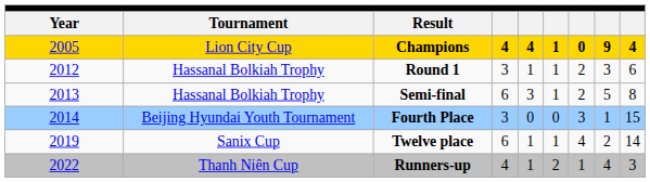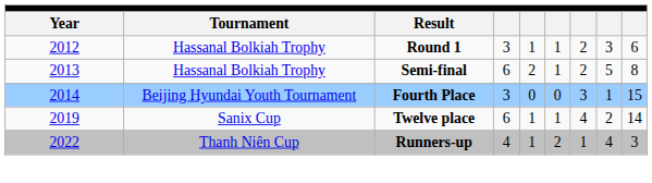 <table class="wikitable" style="text-align: center;">
 <tr>
 <th colspan=9 style="background: #000000; color: #FFFFFF;"></th>
 </tr>
 <tr>
 <th width=120>Year</th>
 <th width="260">Tournament</th>
 <th width=120>Result</th>
 <th width=20></th>
 <th width=20></th>
 <th width=20></th>
 <th width=20></th>
 <th width=20></th>
 <th width=20></th>
-</tr>
-<tr bgcolor=Gold>
-<td> <a href='#'>2005</a></td>
-<td><a href='#'>Lion City Cup</a></td>
-<td><strong>Champions</strong></td>
-<td><strong>4</strong></td>
-<td><strong>4</strong></td>
-<td><strong>1</strong></td>
-<td><strong>0</strong></td>
-<td><strong>9</strong></td>
-<td><strong>4</strong></td>
 </tr>
 <tr>
 <td> <a href='#'>2012</a></td>
 <td><a href='#'>Hassanal Bolkiah Trophy</a></td>
 <td><strong>Round 1</strong></td>
 <td>3</td>
 <td>1</td>
 <td>1</td>
 <td>2</td>
 <td>3</td>
 <td>6</td>
 </tr>
 <tr>
 <td> <a href='#'>2013</a></td>
 <td><a href='#'>Hassanal Bolkiah Trophy</a></td>
 <td><strong>Semi-final</strong></td>
 <td>6</td>
-<td>3</td>
+<td>2</td>
 <td>1</td>
 <td>2</td>
 <td>5</td>
 <td>8</td>
 </tr>
 <tr style="background:#9acdff;">
 <td> <a href='#'>2014</a></td>
 <td><a href='#'>Beijing Hyundai Youth Tournament</a></td>
 <td><strong>Fourth Place</strong></td>
 <td>3</td>
 <td>0</td>
 <td>0</td>
 <td>3</td>
 <td>1</td>
 <td>15</td>
 </tr>
 <tr>
 <td> <a href='#'>2019</a></td>
 <td><a href='#'>Sanix Cup</a></td>
 <td><strong>Twelve place</strong></td>
 <td>6</td>
 <td>1</td>
 <td>1</td>
 <td>4</td>
 <td>2</td>
 <td>14</td>
 </tr>
 <tr bgcolor=silver>
 <td> <a href='#'>2022</a></td>
 <td><a href='#'>Thanh Niên Cup</a></td>
 <td><strong>Runners-up</strong></td>
 <td>4</td>
 <td>1</td>
 <td>2</td>
 <td>1</td>
 <td>4</td>
 <td>3</td>
 </tr>
 </table>
